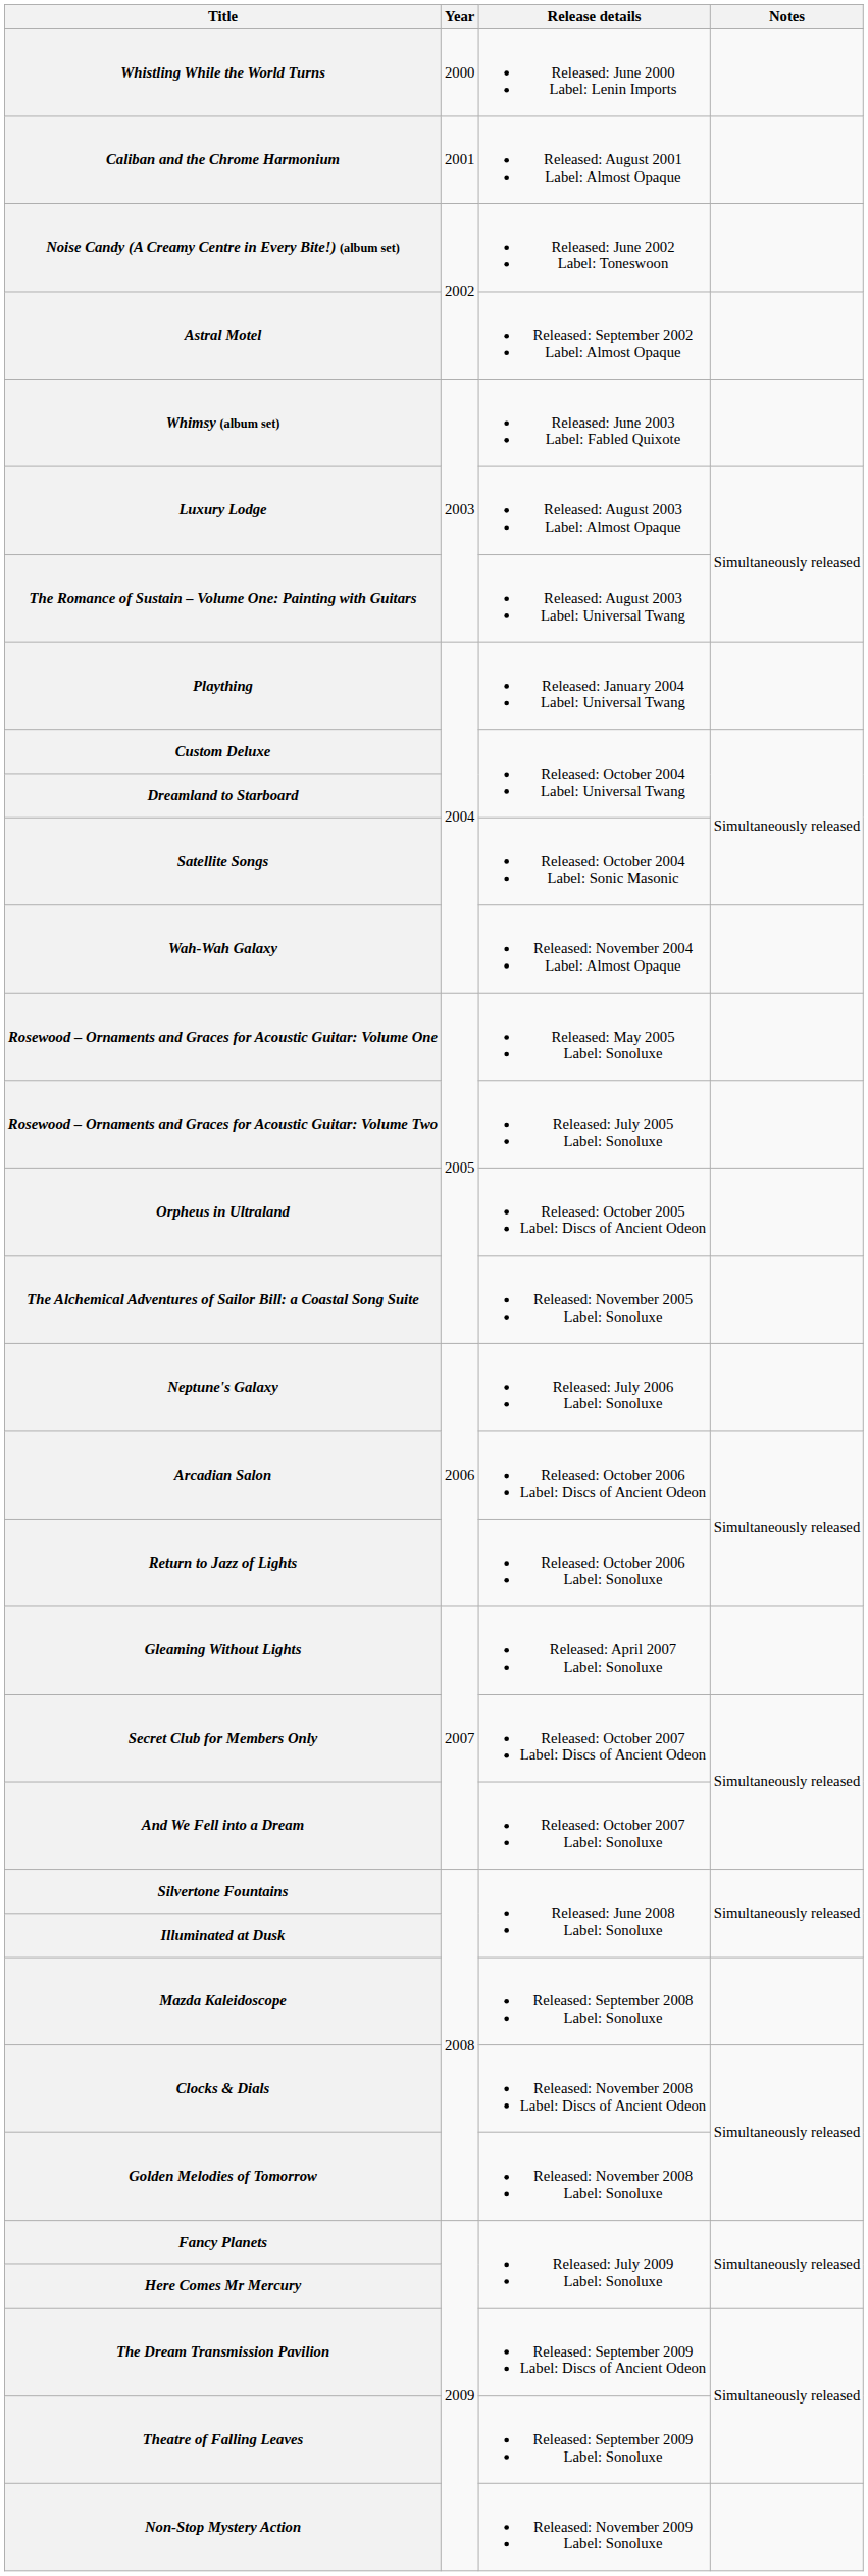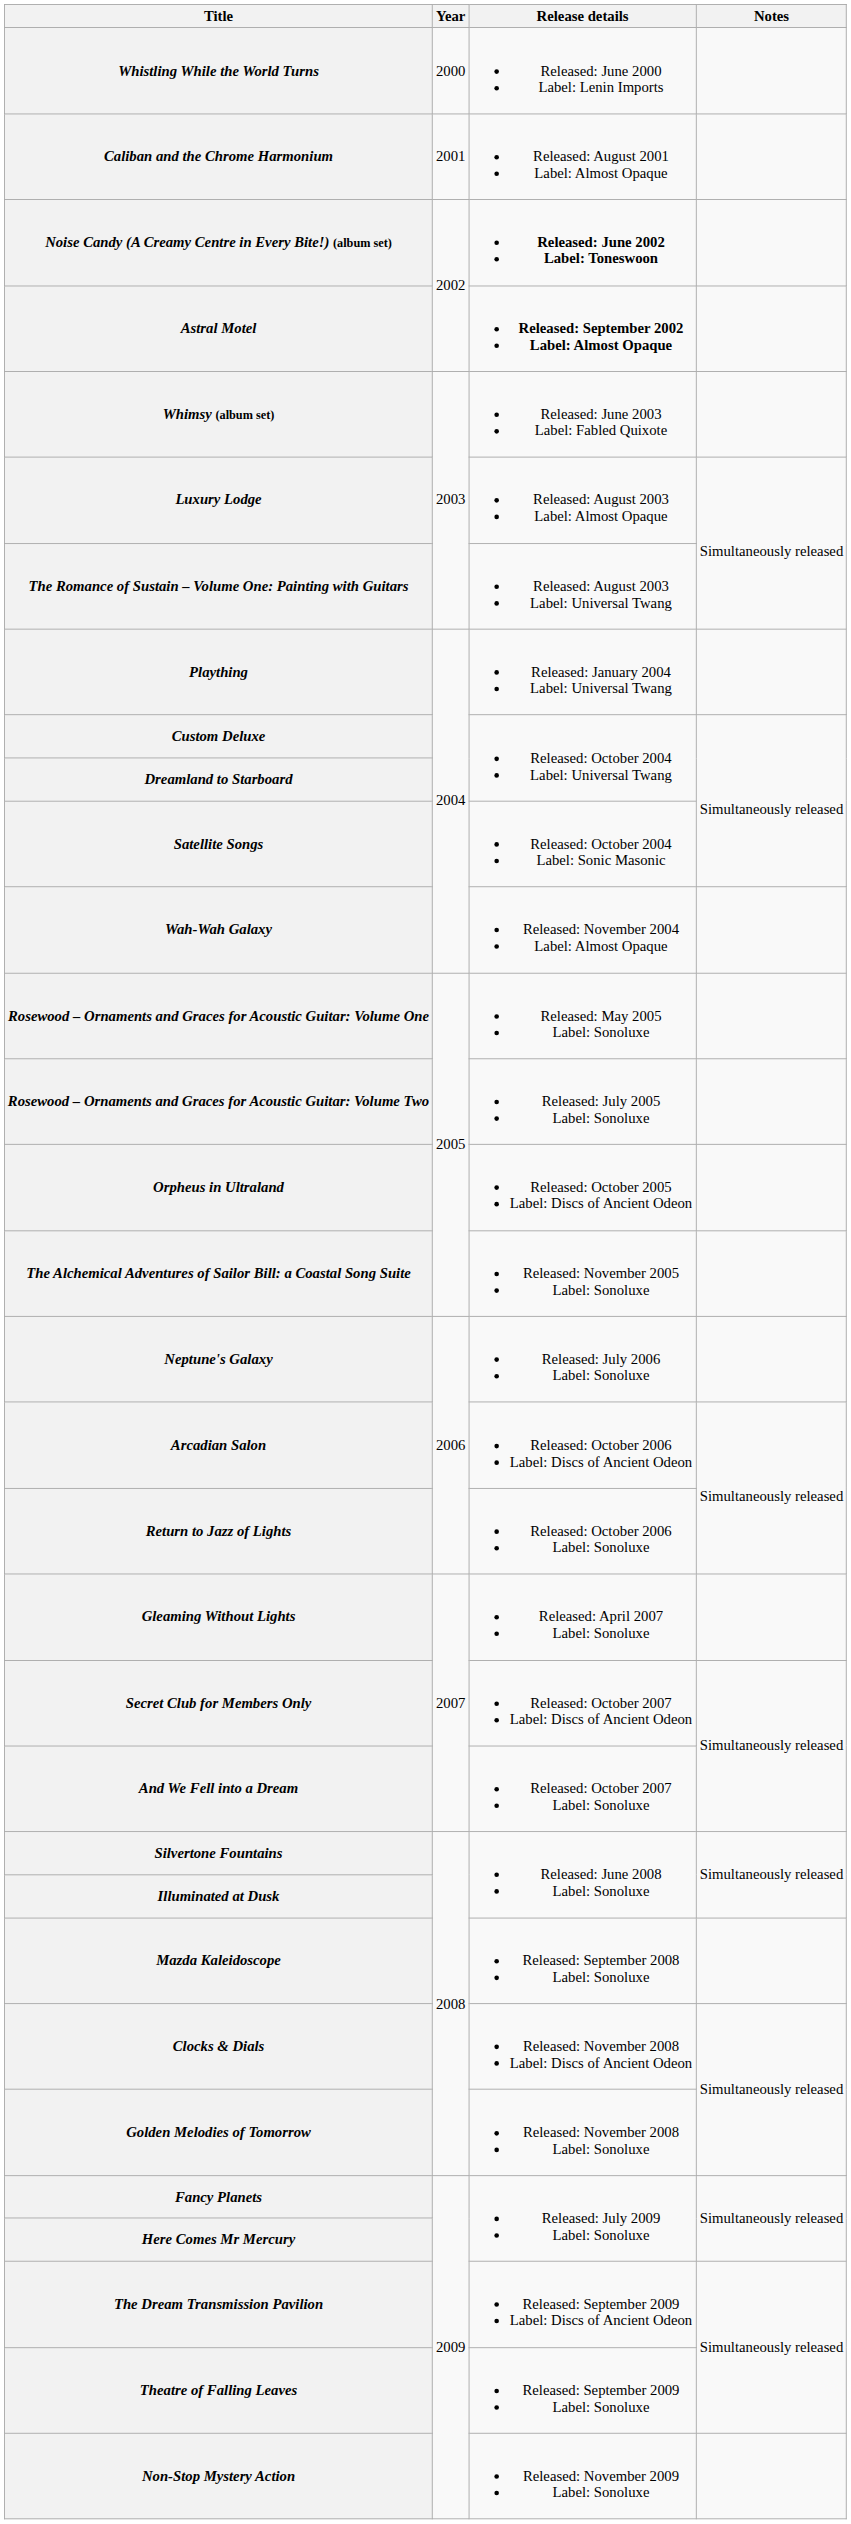 <table class="wikitable plainrowheaders" style="text-align:center;">
 <tr>
 <th scope="col">Title</th>
 <th scope="col">Year</th>
 <th scope="col" style="width:15em;">Release details</th>
 <th scope="col">Notes</th>
 </tr>
 <tr>
 <th scope="row"><em>Whistling While the World Turns</em></th>
 <td>2000</td>
 <td><br><ul><li>Released: June 2000</li><li>Label: Lenin Imports</li></ul></td>
 <td></td>
 </tr>
 <tr>
 <th scope="row"><em>Caliban and the Chrome Harmonium</em></th>
 <td>2001</td>
 <td><br><ul><li>Released: August 2001</li><li>Label: Almost Opaque</li></ul></td>
 <td></td>
 </tr>
 <tr>
 <th scope="row"><em>Noise Candy (A Creamy Centre in Every Bite!)</em> <small>(album set)</small></th>
 <td rowspan="2">2002</td>
-<td><br><ul><li>Released: June 2002</li><li>Label: Toneswoon</li></ul></td>
+<td><strong><br><ul><li>Released: June 2002</li><li>Label: Toneswoon</li></ul></strong></td>
 <td></td>
 </tr>
 <tr>
 <th scope="row"><em>Astral Motel</em></th>
-<td><br><ul><li>Released: September 2002</li><li>Label: Almost Opaque</li></ul></td>
+<td><strong><br><ul><li>Released: September 2002</li><li>Label: Almost Opaque</li></ul></strong></td>
 <td></td>
 </tr>
 <tr>
 <th scope="row"><em>Whimsy</em> <small>(album set)</small></th>
 <td rowspan="3">2003</td>
 <td><br><ul><li>Released: June 2003</li><li>Label: Fabled Quixote</li></ul></td>
 <td></td>
 </tr>
 <tr>
 <th scope="row"><em>Luxury Lodge</em></th>
 <td><br><ul><li>Released: August 2003</li><li>Label: Almost Opaque</li></ul></td>
 <td rowspan="2"><br>Simultaneously released</td>
 </tr>
 <tr>
 <th scope="row"><em>The Romance of Sustain – Volume One: Painting with Guitars</em></th>
 <td><br><ul><li>Released: August 2003</li><li>Label: Universal Twang</li></ul></td>
 </tr>
 <tr>
 <th scope="row"><em>Plaything</em></th>
 <td rowspan="5">2004</td>
 <td><br><ul><li>Released: January 2004</li><li>Label: Universal Twang</li></ul></td>
 <td></td>
 </tr>
 <tr>
 <th scope="row"><em>Custom Deluxe</em></th>
 <td rowspan="2"><br><ul><li>Released: October 2004</li><li>Label: Universal Twang</li></ul></td>
 <td rowspan="3"><br>Simultaneously released</td>
 </tr>
 <tr>
 <th scope="row"><em>Dreamland to Starboard</em></th>
 </tr>
 <tr>
 <th scope="row"><em>Satellite Songs</em></th>
 <td><br><ul><li>Released: October 2004</li><li>Label: Sonic Masonic</li></ul></td>
 </tr>
 <tr>
 <th scope="row"><em>Wah-Wah Galaxy</em></th>
 <td><br><ul><li>Released: November 2004</li><li>Label: Almost Opaque</li></ul></td>
 <td></td>
 </tr>
 <tr>
 <th scope="row"><em>Rosewood – Ornaments and Graces for Acoustic Guitar: Volume One</em></th>
 <td rowspan="4">2005</td>
 <td><br><ul><li>Released: May 2005</li><li>Label: Sonoluxe</li></ul></td>
 <td></td>
 </tr>
 <tr>
 <th scope="row"><em>Rosewood – Ornaments and Graces for Acoustic Guitar: Volume Two</em></th>
 <td><br><ul><li>Released: July 2005</li><li>Label: Sonoluxe</li></ul></td>
 <td></td>
 </tr>
 <tr>
 <th scope="row"><em>Orpheus in Ultraland</em></th>
 <td><br><ul><li>Released: October 2005</li><li>Label: Discs of Ancient Odeon</li></ul></td>
 <td></td>
 </tr>
 <tr>
 <th scope="row"><em>The Alchemical Adventures of Sailor Bill: a Coastal Song Suite</em></th>
 <td><br><ul><li>Released: November 2005</li><li>Label: Sonoluxe</li></ul></td>
 <td></td>
 </tr>
 <tr>
 <th scope="row"><em>Neptune's Galaxy</em></th>
 <td rowspan="3">2006</td>
 <td><br><ul><li>Released: July 2006</li><li>Label: Sonoluxe</li></ul></td>
 <td></td>
 </tr>
 <tr>
 <th scope="row"><em>Arcadian Salon</em></th>
 <td><br><ul><li>Released: October 2006</li><li>Label: Discs of Ancient Odeon</li></ul></td>
 <td rowspan="2"><br>Simultaneously released</td>
 </tr>
 <tr>
 <th scope="row"><em>Return to Jazz of Lights</em></th>
 <td><br><ul><li>Released: October 2006</li><li>Label: Sonoluxe</li></ul></td>
 </tr>
 <tr>
 <th scope="row"><em>Gleaming Without Lights</em></th>
 <td rowspan="3">2007</td>
 <td><br><ul><li>Released: April 2007</li><li>Label: Sonoluxe</li></ul></td>
 <td></td>
 </tr>
 <tr>
 <th scope="row"><em>Secret Club for Members Only</em></th>
 <td><br><ul><li>Released: October 2007</li><li>Label: Discs of Ancient Odeon</li></ul></td>
 <td rowspan="2">Simultaneously released</td>
 </tr>
 <tr>
 <th scope="row"><em>And We Fell into a Dream</em></th>
 <td><br><ul><li>Released: October 2007</li><li>Label: Sonoluxe</li></ul></td>
 </tr>
 <tr>
 <th scope="row"><em>Silvertone Fountains</em></th>
 <td rowspan="5">2008</td>
 <td rowspan="2"><br><ul><li>Released: June 2008</li><li>Label: Sonoluxe</li></ul></td>
 <td rowspan="2">Simultaneously released</td>
 </tr>
 <tr>
 <th scope="row"><em>Illuminated at Dusk</em></th>
 </tr>
 <tr>
 <th scope="row"><em>Mazda Kaleidoscope</em></th>
 <td><br><ul><li>Released: September 2008</li><li>Label: Sonoluxe</li></ul></td>
 <td></td>
 </tr>
 <tr>
 <th scope="row"><em>Clocks & Dials</em></th>
 <td><br><ul><li>Released: November 2008</li><li>Label: Discs of Ancient Odeon</li></ul></td>
 <td rowspan="2">Simultaneously released</td>
 </tr>
 <tr>
 <th scope="row"><em>Golden Melodies of Tomorrow</em></th>
 <td><br><ul><li>Released: November 2008</li><li>Label: Sonoluxe</li></ul></td>
 </tr>
 <tr>
 <th scope="row"><em>Fancy Planets</em></th>
 <td rowspan="5">2009</td>
 <td rowspan="2"><br><ul><li>Released: July 2009</li><li>Label: Sonoluxe</li></ul></td>
 <td rowspan="2">Simultaneously released</td>
 </tr>
 <tr>
 <th scope="row"><em>Here Comes Mr Mercury</em></th>
 </tr>
 <tr>
 <th scope="row"><em>The Dream Transmission Pavilion</em></th>
 <td><br><ul><li>Released: September 2009</li><li>Label: Discs of Ancient Odeon</li></ul></td>
 <td rowspan="2">Simultaneously released</td>
 </tr>
 <tr>
 <th scope="row"><em>Theatre of Falling Leaves</em></th>
 <td><br><ul><li>Released: September 2009</li><li>Label: Sonoluxe</li></ul></td>
 </tr>
 <tr>
 <th scope="row"><em>Non-Stop Mystery Action</em></th>
 <td><br><ul><li>Released: November 2009</li><li>Label: Sonoluxe</li></ul></td>
 <td></td>
 </tr>
 </table>
